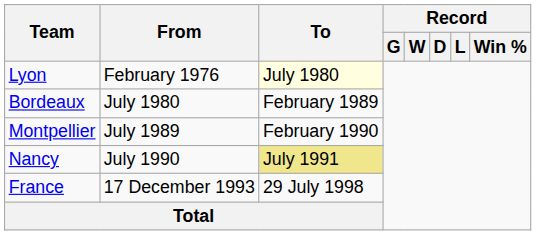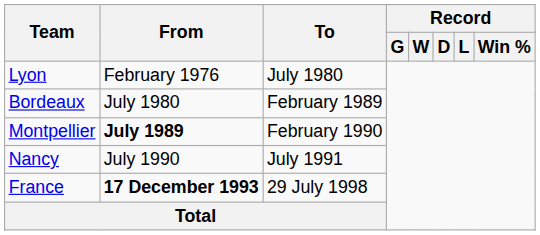 <table class="wikitable" style="text-align: center;">
 <tr>
 <th rowspan="2">Team</th>
 <th rowspan="2">From</th>
 <th rowspan="2">To</th>
 <th colspan="7">Record</th>
 </tr>
 <tr>
 <th>G</th>
 <th>W</th>
 <th>D</th>
 <th>L</th>
 <th>Win %</th>
 </tr>
 <tr>
 <td align="left"><a href='#'>Lyon</a></td>
 <td align="left">February 1976</td>
-<td align="left" style="background: lightyellow;">July 1980<br></td>
+<td align="left">July 1980<br></td>
 </tr>
 <tr>
 <td align="left"><a href='#'>Bordeaux</a></td>
 <td align="left">July 1980</td>
 <td align="left">February 1989<br></td>
 </tr>
 <tr>
 <td align="left"><a href='#'>Montpellier</a></td>
-<td align="left">July 1989</td>
+<td align="left"><strong>July 1989</strong></td>
 <td align="left">February 1990<br></td>
 </tr>
 <tr>
 <td align="left"><a href='#'>Nancy</a></td>
 <td align="left">July 1990</td>
-<td align="left" style="background: khaki;">July 1991<br></td>
+<td align="left">July 1991<br></td>
 </tr>
 <tr>
 <td align="left"><a href='#'>France</a></td>
-<td align="left">17 December 1993</td>
+<td align="left"><strong>17 December 1993</strong></td>
 <td align="left">29 July 1998<br></td>
 </tr>
 <tr>
 <th colspan="3">Total<br></th>
 </tr>
 </table>
